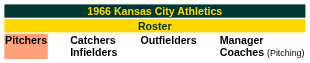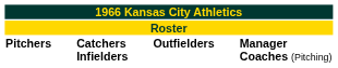 <table class="toccolours" style="font-size: 95%;">
 <tr>
 <th colspan="10" style="background-color: #003831; color: #FFD800; text-align: center;">1966 Kansas City Athletics</th>
 </tr>
 <tr>
 <td colspan="10" style="background-color: #FFD800; color: #003831; text-align: center;"><strong>Roster</strong></td>
 </tr>
 <tr>
-<td valign="top" style="background: lightsalmon;"><strong>Pitchers</strong><br>                      </td>
+<td valign="top"><strong>Pitchers</strong><br>                      </td>
 <td width="25px"></td>
 <td valign="top"><strong>Catchers</strong><br>     <strong>Infielders</strong>           </td>
 <td width="25px"></td>
 <td valign="top"><strong>Outfielders</strong><br>         </td>
 <td width="25px"></td>
 <td valign="top"><strong>Manager</strong><br> <strong>Coaches</strong>   <small>(Pitching)</small>  </td>
 </tr>
 </table>
